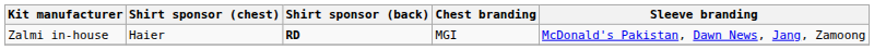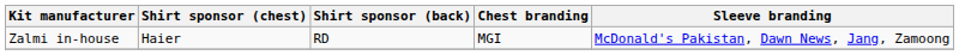 <table class="wikitable"  style="font-size:85%;">
 <tr>
 <th>Kit manufacturer</th>
 <th>Shirt sponsor (chest)</th>
 <th>Shirt sponsor (back)</th>
 <th>Chest branding</th>
 <th>Sleeve branding</th>
 </tr>
 <tr>
 <td>Zalmi in-house</td>
 <td>Haier</td>
-<td><strong>RD</strong></td>
+<td>RD</td>
 <td>MGI</td>
 <td><a href='#'>McDonald's Pakistan</a>, <a href='#'>Dawn News</a>, <a href='#'>Jang</a>, Zamoong</td>
 </tr>
 <tr>
 </tr>
 </table>
